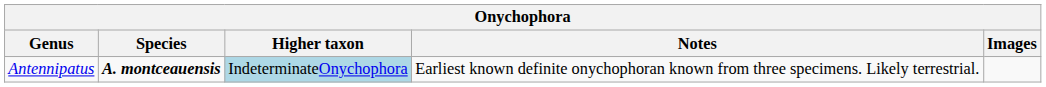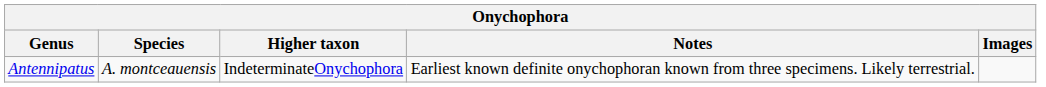 <table class="wikitable sortable mw-collapsible">
 <tr>
 <th colspan="6" align="center">Onychophora</th>
 </tr>
 <tr>
 <th>Genus</th>
 <th>Species</th>
 <th>Higher taxon</th>
 <th>Notes</th>
 <th>Images</th>
 </tr>
 <tr>
 <td><em><a href='#'>Antennipatus</a></em></td>
-<td><strong><em>A. montceauensis</em></strong></td>
-<td style="background: lightblue;">Indeterminate<a href='#'>Onychophora</a></td>
+<td><em>A. montceauensis</em></td>
+<td>Indeterminate<a href='#'>Onychophora</a></td>
 <td>Earliest known definite onychophoran known from three specimens. Likely terrestrial.</td>
 <td></td>
 </tr>
 </table>
